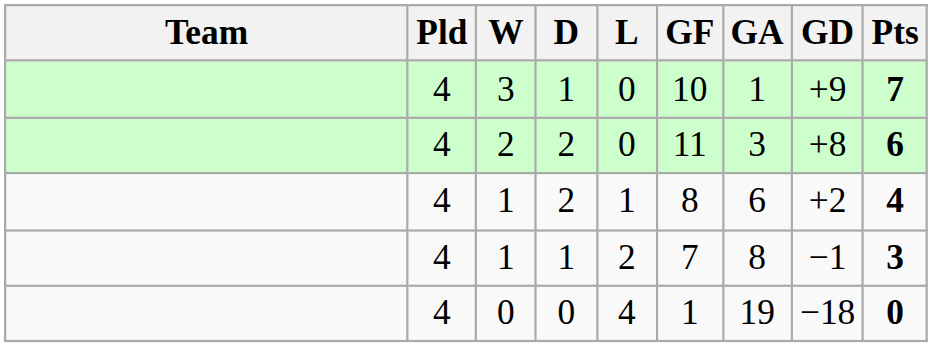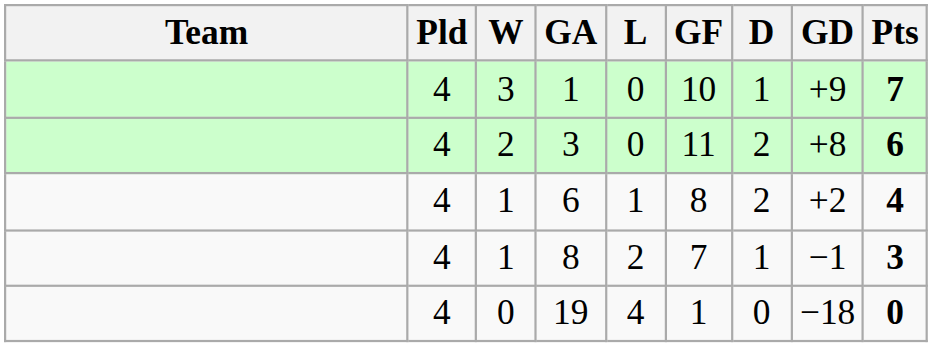 <table class="wikitable" style="text-align: center;">
 <tr>
 <th width=175>Team</th>
 <th width=20>Pld</th>
 <th width=20>W</th>
-<th width=20>D</th>
+<th width=20>GA</th>
 <th width=20>L</th>
 <th width=20>GF</th>
-<th width=20>GA</th>
+<th width=20>D</th>
 <th width=20>GD</th>
 <th width=20>Pts</th>
 </tr>
 <tr style="background:#ccffcc;">
 <td style="text-align:left;"></td>
 <td>4</td>
 <td>3</td>
 <td>1</td>
 <td>0</td>
 <td>10</td>
 <td>1</td>
 <td>+9</td>
 <td><strong>7</strong></td>
 </tr>
 <tr style="background:#ccffcc;">
 <td style="text-align:left;"></td>
 <td>4</td>
 <td>2</td>
-<td>2</td>
+<td>3</td>
 <td>0</td>
 <td>11</td>
-<td>3</td>
+<td>2</td>
 <td>+8</td>
 <td><strong>6</strong></td>
 </tr>
 <tr>
 <td style="text-align:left;"></td>
 <td>4</td>
 <td>1</td>
-<td>2</td>
+<td>6</td>
 <td>1</td>
 <td>8</td>
-<td>6</td>
+<td>2</td>
 <td>+2</td>
 <td><strong>4</strong></td>
 </tr>
 <tr>
 <td style="text-align:left;"></td>
 <td>4</td>
 <td>1</td>
-<td>1</td>
+<td>8</td>
 <td>2</td>
 <td>7</td>
-<td>8</td>
+<td>1</td>
 <td>−1</td>
 <td><strong>3</strong></td>
 </tr>
 <tr>
 <td style="text-align:left;"></td>
 <td>4</td>
 <td>0</td>
-<td>0</td>
+<td>19</td>
 <td>4</td>
 <td>1</td>
-<td>19</td>
+<td>0</td>
 <td>−18</td>
 <td><strong>0</strong></td>
 </tr>
 </table>
